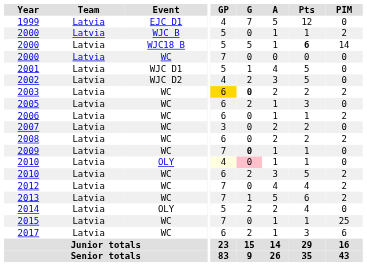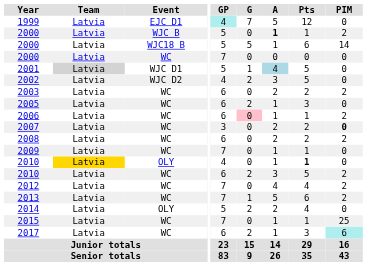 <table border="0" cellpadding="1" cellspacing="0" ID="Table3" style="text-align:center; width:40em">
 <tr bgcolor="#e0e0e0">
 <th>Year</th>
 <th>Team</th>
 <th>Event</th>
 <th rowspan="102" bgcolor="#ffffff"></th>
 <th>GP</th>
 <th>G</th>
 <th>A</th>
 <th>Pts</th>
 <th>PIM</th>
 </tr>
 <tr>
 <td><a href='#'>1999</a></td>
 <td><a href='#'>Latvia</a></td>
 <td><a href='#'>EJC D1</a></td>
-<td>4</td>
+<td style="background: paleturquoise;">4</td>
 <td>7</td>
 <td>5</td>
 <td>12</td>
 <td>0</td>
 </tr>
 <tr bgcolor="#f0f0f0">
 <td><a href='#'>2000</a></td>
 <td><a href='#'>Latvia</a></td>
 <td><a href='#'>WJC B</a></td>
 <td>5</td>
 <td>0</td>
-<td>1</td>
+<td><strong>1</strong></td>
 <td>1</td>
 <td>2</td>
 </tr>
 <tr>
 <td><a href='#'>2000</a></td>
 <td>Latvia</td>
 <td><a href='#'>WJC18 B</a></td>
 <td>5</td>
 <td>5</td>
 <td>1</td>
-<td><strong>6</strong></td>
+<td>6</td>
 <td>14</td>
 </tr>
 <tr bgcolor="#f0f0f0">
 <td><a href='#'>2000</a></td>
 <td><a href='#'>Latvia</a></td>
 <td><a href='#'>WC</a></td>
 <td>7</td>
 <td>0</td>
 <td>0</td>
 <td>0</td>
 <td>0</td>
 </tr>
 <tr>
 <td><a href='#'>2001</a></td>
-<td>Latvia</td>
+<td style="background: lightgrey;">Latvia</td>
 <td>WJC D1</td>
 <td>5</td>
 <td>1</td>
-<td>4</td>
+<td style="background: lightblue;">4</td>
 <td>5</td>
 <td>0</td>
 </tr>
 <tr bgcolor="#f0f0f0">
 <td><a href='#'>2002</a></td>
 <td>Latvia</td>
 <td>WJC D2</td>
 <td>4</td>
 <td>2</td>
 <td>3</td>
 <td>5</td>
 <td>0</td>
 </tr>
 <tr>
 <td><a href='#'>2003</a></td>
 <td>Latvia</td>
 <td>WC</td>
-<td style="background: gold;">6</td>
-<td><strong>0</strong></td>
+<td>6</td>
+<td>0</td>
 <td>2</td>
 <td>2</td>
 <td>2</td>
 </tr>
 <tr bgcolor="#f0f0f0">
 <td><a href='#'>2005</a></td>
 <td>Latvia</td>
 <td>WC</td>
 <td>6</td>
 <td>2</td>
 <td>1</td>
 <td>3</td>
 <td>0</td>
 </tr>
 <tr>
 <td><a href='#'>2006</a></td>
 <td>Latvia</td>
 <td>WC</td>
 <td>6</td>
-<td>0</td>
+<td style="background: pink;">0</td>
 <td>1</td>
 <td>1</td>
 <td>2</td>
 </tr>
 <tr bgcolor="#f0f0f0">
 <td><a href='#'>2007</a></td>
 <td>Latvia</td>
 <td>WC</td>
 <td>3</td>
 <td>0</td>
 <td>2</td>
 <td>2</td>
-<td>0</td>
+<td><strong>0</strong></td>
 </tr>
 <tr>
 <td><a href='#'>2008</a></td>
 <td>Latvia</td>
 <td>WC</td>
 <td>6</td>
 <td>0</td>
 <td>2</td>
 <td>2</td>
 <td>2</td>
 </tr>
 <tr bgcolor="#f0f0f0">
 <td><a href='#'>2009</a></td>
 <td>Latvia</td>
 <td>WC</td>
 <td>7</td>
-<td><strong>0</strong></td>
+<td>0</td>
 <td>1</td>
 <td>1</td>
 <td>0</td>
 </tr>
 <tr>
 <td><a href='#'>2010</a></td>
-<td>Latvia</td>
+<td style="background: gold;">Latvia</td>
 <td><a href='#'>OLY</a></td>
-<td style="background: lightyellow;">4</td>
-<td style="background: pink;">0</td>
+<td>4</td>
+<td>0</td>
 <td>1</td>
-<td>1</td>
+<td><strong>1</strong></td>
 <td>0</td>
 </tr>
 <tr bgcolor="#f0f0f0">
 <td><a href='#'>2010</a></td>
 <td>Latvia</td>
 <td>WC</td>
 <td>6</td>
 <td>2</td>
 <td>3</td>
 <td>5</td>
 <td>2</td>
 </tr>
 <tr>
 <td><a href='#'>2012</a></td>
 <td>Latvia</td>
 <td>WC</td>
 <td>7</td>
 <td>0</td>
 <td>4</td>
 <td>4</td>
 <td>2</td>
 </tr>
 <tr bgcolor="#f0f0f0">
 <td><a href='#'>2013</a></td>
 <td>Latvia</td>
 <td>WC</td>
 <td>7</td>
 <td>1</td>
 <td>5</td>
 <td>6</td>
 <td>2</td>
 </tr>
 <tr>
 <td><a href='#'>2014</a></td>
 <td>Latvia</td>
 <td>OLY</td>
 <td>5</td>
 <td>2</td>
 <td>2</td>
 <td>4</td>
 <td>0</td>
 </tr>
 <tr bgcolor="#f0f0f0">
 <td><a href='#'>2015</a></td>
 <td>Latvia</td>
 <td>WC</td>
 <td>7</td>
 <td>0</td>
 <td>1</td>
 <td>1</td>
 <td>25</td>
 </tr>
 <tr>
 <td><a href='#'>2017</a></td>
 <td>Latvia</td>
 <td>WC</td>
 <td>6</td>
 <td>2</td>
 <td>1</td>
 <td>3</td>
-<td>6</td>
+<td style="background: paleturquoise;">6</td>
 </tr>
 <tr bgcolor="#e0e0e0">
 <th colspan="3">Junior totals</th>
 <th>23</th>
 <th>15</th>
 <th>14</th>
 <th>29</th>
 <th>16</th>
 </tr>
 <tr bgcolor="#e0e0e0">
 <th colspan="3">Senior totals</th>
 <th>83</th>
 <th>9</th>
 <th>26</th>
 <th>35</th>
 <th>43</th>
 </tr>
 </table>
